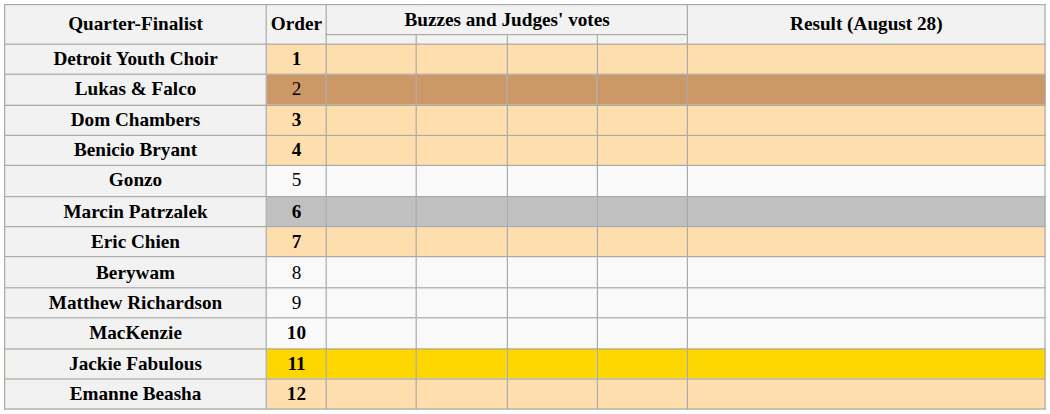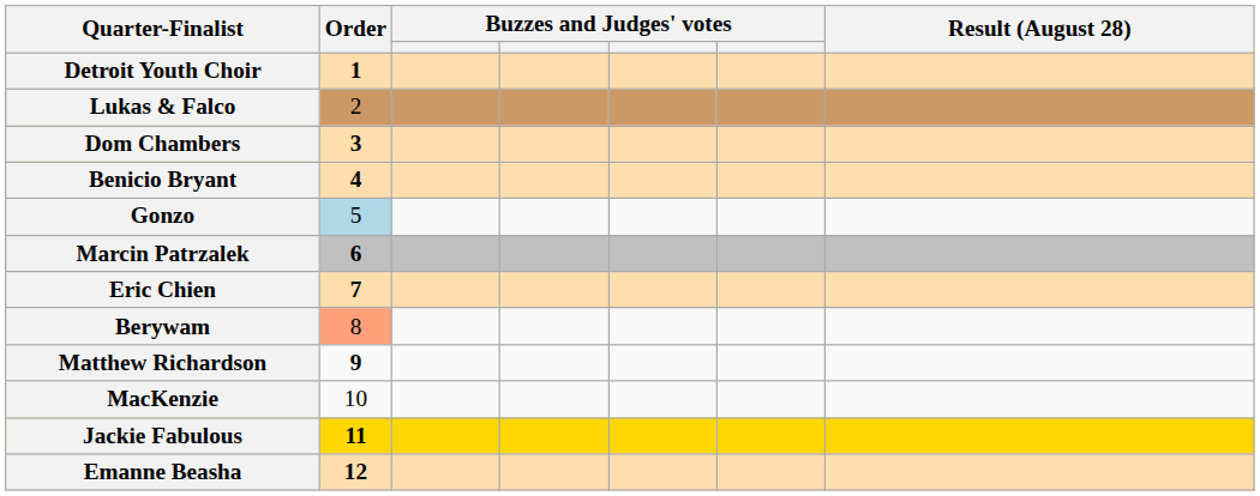 <table class="wikitable plainrowheaders sortable" style="text-align:center;">
 <tr>
 <th scope="col" rowspan="2" class="unsortable" style="width:17em;">Quarter-Finalist</th>
 <th scope="col" rowspan="2" style="width:1em;">Order</th>
 <th scope="col" colspan="4" class="unsortable" style="width:24em;">Buzzes and Judges' votes</th>
 <th scope="col" rowspan="2" style="width:25em;">Result (August 28)</th>
 </tr>
 <tr>
 <th scope="col" class="unsortable" style="width:6em;"></th>
 <th scope="col" class="unsortable" style="width:6em;"></th>
 <th scope="col" class="unsortable" style="width:6em;"></th>
 <th scope="col" class="unsortable" style="width:6em;"></th>
 </tr>
 <tr style="background:NavajoWhite">
 <th scope="row"><strong>Detroit Youth Choir</strong></th>
 <td><strong>1</strong></td>
 <td style="text-align:center;"></td>
 <td style="text-align:center;"></td>
 <td style="text-align:center;"></td>
 <td style="text-align:center;"></td>
 <td><strong></strong></td>
 </tr>
 <tr style="background:#c96">
 <th scope="row">Lukas & Falco</th>
 <td>2</td>
 <td style="text-align:center;"></td>
 <td style="text-align:center;"></td>
 <td style="text-align:center;"></td>
 <td style="text-align:center;"></td>
 <td></td>
 </tr>
 <tr style="background:NavajoWhite">
 <th scope="row"><strong>Dom Chambers</strong></th>
 <td><strong>3</strong></td>
 <td style="text-align:center;"></td>
 <td style="text-align:center;"></td>
 <td style="text-align:center;"></td>
 <td style="text-align:center;"></td>
 <td><strong></strong></td>
 </tr>
 <tr style="background:NavajoWhite">
 <th scope="row"><strong>Benicio Bryant</strong></th>
 <td><strong>4</strong></td>
 <td style="text-align:center;"></td>
 <td style="text-align:center;"></td>
 <td style="text-align:center;"></td>
 <td style="text-align:center;"></td>
 <td><strong></strong></td>
 </tr>
 <tr>
 <th scope="row">Gonzo</th>
-<td>5</td>
+<td style="background: lightblue;">5</td>
 <td style="text-align:center;"></td>
 <td style="text-align:center;"></td>
 <td style="text-align:center;"></td>
 <td style="text-align:center;"></td>
 <td></td>
 </tr>
 <tr style="background:silver">
 <th scope="row"><strong>Marcin Patrzalek</strong></th>
 <td><strong>6</strong></td>
 <td style="text-align:center;"></td>
 <td style="text-align:center;"></td>
 <td style="text-align:center;"></td>
 <td style="text-align:center;"></td>
 <td><strong></strong></td>
 </tr>
 <tr style="background:NavajoWhite">
 <th scope="row"><strong>Eric Chien</strong></th>
 <td><strong>7</strong></td>
 <td style="text-align:center;"></td>
 <td style="text-align:center;"></td>
 <td style="text-align:center;"></td>
 <td style="text-align:center;"></td>
 <td><strong></strong></td>
 </tr>
 <tr>
 <th scope="row">Berywam</th>
-<td>8</td>
+<td style="background: lightsalmon;">8</td>
 <td style="text-align:center;"></td>
 <td style="text-align:center;"></td>
 <td style="text-align:center;"></td>
 <td style="text-align:center;"></td>
 <td></td>
 </tr>
 <tr>
 <th scope="row">Matthew Richardson</th>
-<td>9</td>
+<td><strong>9</strong></td>
 <td style="text-align:center;"></td>
 <td style="text-align:center;"></td>
 <td style="text-align:center;"></td>
 <td style="text-align:center;"></td>
 <td></td>
 </tr>
 <tr>
 <th scope="row">MacKenzie</th>
-<td><strong>10</strong></td>
+<td>10</td>
 <td style="text-align:center;"></td>
 <td style="text-align:center;"></td>
 <td style="text-align:center;"></td>
 <td style="text-align:center;"></td>
 <td></td>
 </tr>
 <tr style="background:gold">
 <th scope="row"><strong>Jackie Fabulous</strong></th>
 <td><strong>11</strong></td>
 <td style="text-align:center;"></td>
 <td style="text-align:center;"></td>
 <td style="text-align:center;"></td>
 <td style="text-align:center;"></td>
 <td><strong></strong></td>
 </tr>
 <tr style="background:NavajoWhite">
 <th scope="row"><strong>Emanne Beasha</strong></th>
 <td><strong>12</strong></td>
 <td style="text-align:center;"></td>
 <td style="text-align:center;"></td>
 <td style="text-align:center;"></td>
 <td style="text-align:center;"></td>
 <td><strong></strong></td>
 </tr>
 </table>
